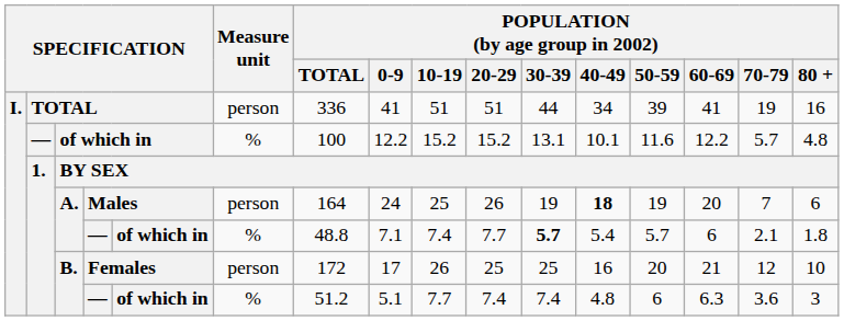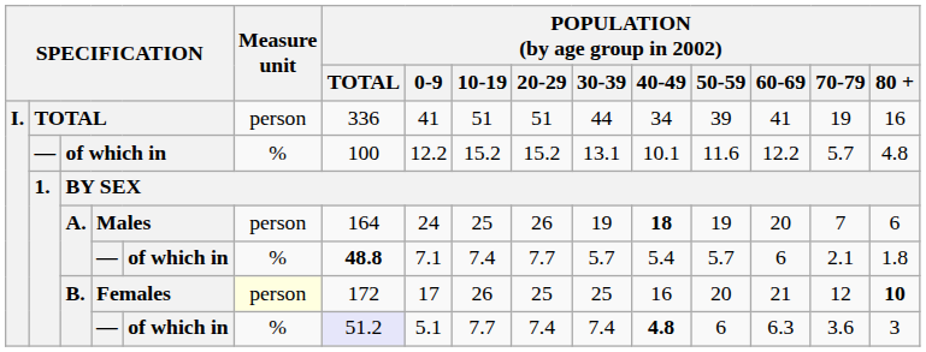 <table class="wikitable" style="font-size:85%; text-align:center">
 <tr>
 <th rowspan="2" colspan="5">SPECIFICATION</th>
 <th rowspan="2">Measure<br> unit</th>
 <th colspan="10" rowspan="1">POPULATION<br> (by age group in 2002)</th>
 </tr>
 <tr>
 <th>TOTAL</th>
 <th>0-9</th>
 <th>10-19</th>
 <th>20-29</th>
 <th>30-39</th>
 <th>40-49</th>
 <th>50-59</th>
 <th>60-69</th>
 <th>70-79</th>
 <th>80 +</th>
 </tr>
 <tr>
 <th style="text-align:left" valign="top" rowspan="7">I.</th>
 <th style="text-align:left" colspan="4">TOTAL</th>
 <td>person</td>
 <td>336</td>
 <td>41</td>
 <td>51</td>
 <td>51</td>
 <td>44</td>
 <td>34</td>
 <td>39</td>
 <td>41</td>
 <td>19</td>
 <td>16</td>
 </tr>
 <tr>
 <th style="text-align:left" valign="top">—</th>
 <th style="text-align:left" colspan="3">of which in</th>
 <td>%</td>
 <td>100</td>
 <td>12.2</td>
 <td>15.2</td>
 <td>15.2</td>
 <td>13.1</td>
 <td>10.1</td>
 <td>11.6</td>
 <td>12.2</td>
 <td>5.7</td>
 <td>4.8</td>
 </tr>
 <tr>
 <th style="text-align:left" valign="top" rowspan="5">1.</th>
 <th style="text-align:left" colspan="14">BY SEX</th>
 </tr>
 <tr>
 <th style="text-align:left" valign="top" rowspan="2">A.</th>
 <th style="text-align:left" colspan="2">Males</th>
 <td>person</td>
 <td>164</td>
 <td>24</td>
 <td>25</td>
 <td>26</td>
 <td>19</td>
 <td><strong>18</strong></td>
 <td>19</td>
 <td>20</td>
 <td>7</td>
 <td>6</td>
 </tr>
 <tr>
 <th style="text-align:left" valign="top">—</th>
 <th style="text-align:left" colspan="1">of which in</th>
 <td>%</td>
-<td>48.8</td>
+<td><strong>48.8</strong></td>
 <td>7.1</td>
 <td>7.4</td>
 <td>7.7</td>
-<td><strong>5.7</strong></td>
+<td>5.7</td>
 <td>5.4</td>
 <td>5.7</td>
 <td>6</td>
 <td>2.1</td>
 <td>1.8</td>
 </tr>
 <tr>
 <th style="text-align:left" valign="top" rowspan="2">B.</th>
 <th style="text-align:left" colspan="2">Females</th>
-<td>person</td>
+<td style="background: lightyellow;">person</td>
 <td>172</td>
 <td>17</td>
 <td>26</td>
 <td>25</td>
 <td>25</td>
 <td>16</td>
 <td>20</td>
 <td>21</td>
 <td>12</td>
-<td>10</td>
+<td><strong>10</strong></td>
 </tr>
 <tr>
 <th style="text-align:left" valign="top">—</th>
 <th style="text-align:left" colspan="1">of which in</th>
 <td>%</td>
-<td>51.2</td>
+<td style="background: lavender;">51.2</td>
 <td>5.1</td>
 <td>7.7</td>
 <td>7.4</td>
 <td>7.4</td>
-<td>4.8</td>
+<td><strong>4.8</strong></td>
 <td>6</td>
 <td>6.3</td>
 <td>3.6</td>
 <td>3</td>
 </tr>
 </table>
